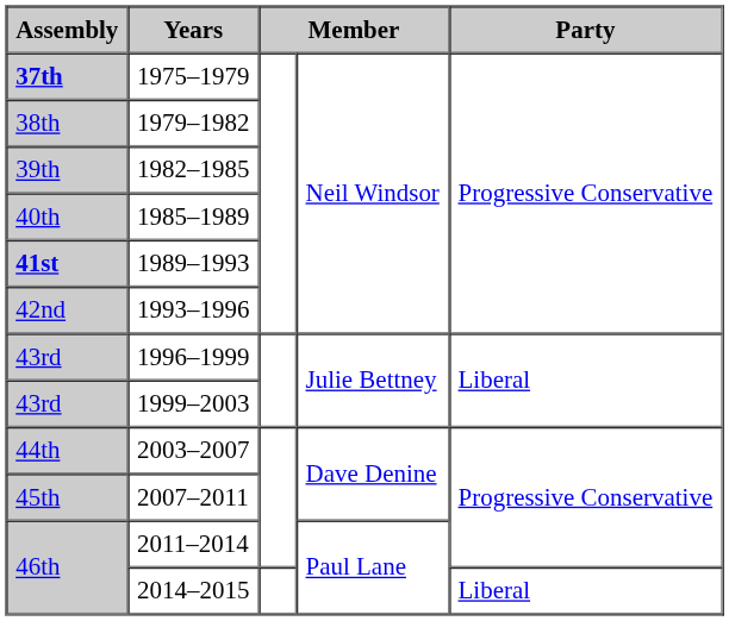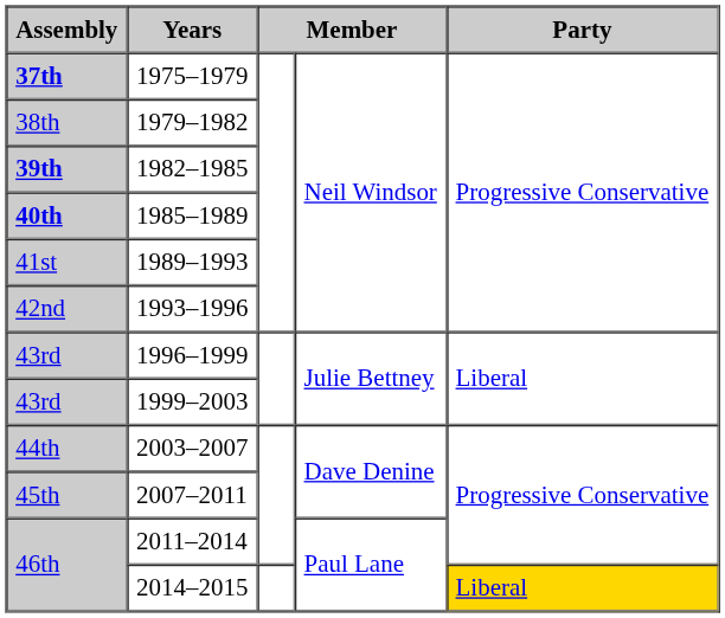 <table border=1 cellpadding=5 cellspacing=0>
 <tr bgcolor="CCCCCC">
 <th>Assembly</th>
 <th>Years</th>
 <th colspan="2">Member</th>
 <th>Party</th>
 </tr>
 <tr>
 <td bgcolor="CCCCCC"><strong><a href='#'>37th</a></strong></td>
 <td>1975–1979</td>
 <td rowspan=6 >   </td>
 <td rowspan=6><a href='#'>Neil Windsor</a></td>
 <td rowspan=6><a href='#'>Progressive Conservative</a></td>
 </tr>
 <tr>
 <td bgcolor="CCCCCC"><a href='#'>38th</a></td>
 <td>1979–1982</td>
 </tr>
 <tr>
-<td bgcolor="CCCCCC"><a href='#'>39th</a></td>
+<td bgcolor="CCCCCC"><strong><a href='#'>39th</a></strong></td>
 <td>1982–1985</td>
 </tr>
 <tr>
-<td bgcolor="CCCCCC"><a href='#'>40th</a></td>
+<td bgcolor="CCCCCC"><strong><a href='#'>40th</a></strong></td>
 <td>1985–1989</td>
 </tr>
 <tr>
-<td bgcolor="CCCCCC"><strong><a href='#'>41st</a></strong></td>
+<td bgcolor="CCCCCC"><a href='#'>41st</a></td>
 <td>1989–1993</td>
 </tr>
 <tr>
 <td bgcolor="CCCCCC"><a href='#'>42nd</a></td>
 <td>1993–1996</td>
 </tr>
 <tr>
 <td bgcolor="CCCCCC"><a href='#'>43rd</a></td>
 <td>1996–1999</td>
 <td rowspan=2 >   </td>
 <td rowspan=2><a href='#'>Julie Bettney</a></td>
 <td rowspan=2><a href='#'>Liberal</a></td>
 </tr>
 <tr>
 <td bgcolor="CCCCCC"><a href='#'>43rd</a></td>
 <td>1999–2003</td>
 </tr>
 <tr>
 <td bgcolor="CCCCCC"><a href='#'>44th</a></td>
 <td>2003–2007</td>
 <td rowspan=3 >   </td>
 <td rowspan=2><a href='#'>Dave Denine</a></td>
 <td rowspan=3><a href='#'>Progressive Conservative</a></td>
 </tr>
 <tr>
 <td bgcolor="CCCCCC"><a href='#'>45th</a></td>
 <td>2007–2011</td>
 </tr>
 <tr>
 <td rowspan=2 bgcolor="CCCCCC"><a href='#'>46th</a></td>
 <td>2011–2014</td>
 <td rowspan=2><a href='#'>Paul Lane</a></td>
 </tr>
 <tr>
 <td>2014–2015</td>
 <td>   </td>
-<td><a href='#'>Liberal</a></td>
+<td style="background: gold;"><a href='#'>Liberal</a></td>
 </tr>
 </table>
